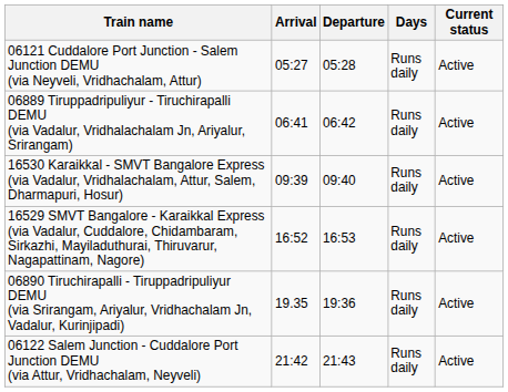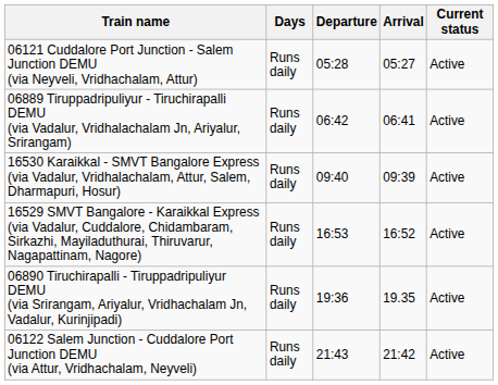 <table class="wikitable">
 <tr>
 <th>Train name</th>
+<th>Days</th>
+<th>Departure</th>
 <th>Arrival</th>
-<th>Departure</th>
-<th>Days</th>
 <th>Current status</th>
 </tr>
 <tr>
 <td>06121 Cuddalore Port Junction - Salem Junction DEMU<br>(via Neyveli, Vridhachalam, Attur)</td>
+<td>Runs daily</td>
+<td>05:28</td>
 <td>05:27</td>
-<td>05:28</td>
-<td>Runs daily</td>
 <td>Active</td>
 </tr>
 <tr>
 <td>06889 Tiruppadripuliyur - Tiruchirapalli DEMU<br>(via Vadalur, Vridhalachalam Jn, Ariyalur, Srirangam)</td>
+<td>Runs daily</td>
+<td>06:42</td>
 <td>06:41</td>
-<td>06:42</td>
-<td>Runs daily</td>
 <td>Active</td>
 </tr>
 <tr>
 <td>16530 Karaikkal - SMVT Bangalore Express<br>(via Vadalur, Vridhalachalam, Attur, Salem, Dharmapuri, Hosur)</td>
+<td>Runs daily</td>
+<td>09:40</td>
 <td>09:39</td>
-<td>09:40</td>
-<td>Runs daily</td>
 <td>Active</td>
 </tr>
 <tr>
 <td>16529 SMVT Bangalore - Karaikkal Express<br>(via Vadalur, Cuddalore, Chidambaram, Sirkazhi, Mayiladuthurai, Thiruvarur, Nagapattinam, Nagore)</td>
+<td>Runs daily</td>
+<td>16:53</td>
 <td>16:52</td>
-<td>16:53</td>
-<td>Runs daily</td>
 <td>Active</td>
 </tr>
 <tr>
 <td>06890 Tiruchirapalli - Tiruppadripuliyur DEMU<br>(via Srirangam, Ariyalur, Vridhachalam Jn, Vadalur, Kurinjipadi)</td>
+<td>Runs daily</td>
+<td>19:36</td>
 <td>19.35</td>
-<td>19:36</td>
-<td>Runs daily</td>
 <td>Active</td>
 </tr>
 <tr>
 <td>06122 Salem Junction - Cuddalore Port Junction DEMU<br>(via Attur, Vridhachalam, Neyveli)</td>
+<td>Runs daily</td>
+<td>21:43</td>
 <td>21:42</td>
-<td>21:43</td>
-<td>Runs daily</td>
 <td>Active</td>
 </tr>
 </table>
